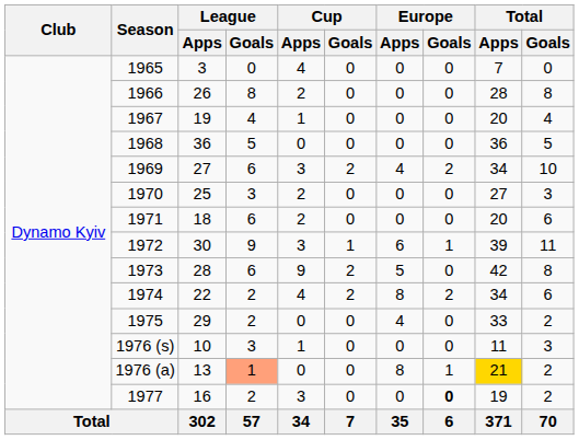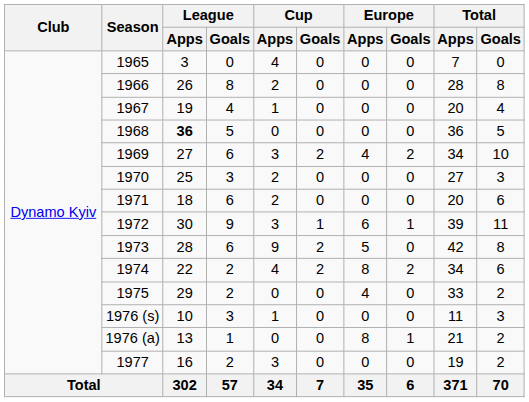 <table class="wikitable" style="text-align:center">
 <tr>
 <th rowspan="2" width="100">Club</th>
 <th rowspan="2">Season</th>
 <th colspan="2">League</th>
 <th colspan="2">Cup</th>
 <th colspan="2">Europe</th>
 <th colspan="2">Total</th>
 </tr>
 <tr>
 <th width="40">Apps</th>
 <th width="40">Goals</th>
 <th width="40">Apps</th>
 <th width="40">Goals</th>
 <th width="40">Apps</th>
 <th width="40">Goals</th>
 <th width="40">Apps</th>
 <th width="40">Goals</th>
 </tr>
 <tr>
 <td rowspan="14"><a href='#'>Dynamo Kyiv</a></td>
 <td>1965</td>
 <td>3</td>
 <td>0</td>
 <td>4</td>
 <td>0</td>
 <td>0</td>
 <td>0</td>
 <td>7</td>
 <td>0</td>
 </tr>
 <tr>
 <td>1966</td>
 <td>26</td>
 <td>8</td>
 <td>2</td>
 <td>0</td>
 <td>0</td>
 <td>0</td>
 <td>28</td>
 <td>8</td>
 </tr>
 <tr>
 <td>1967</td>
 <td>19</td>
 <td>4</td>
 <td>1</td>
 <td>0</td>
 <td>0</td>
 <td>0</td>
 <td>20</td>
 <td>4</td>
 </tr>
 <tr>
 <td>1968</td>
-<td>36</td>
+<td><strong>36</strong></td>
 <td>5</td>
 <td>0</td>
 <td>0</td>
 <td>0</td>
 <td>0</td>
 <td>36</td>
 <td>5</td>
 </tr>
 <tr>
 <td>1969</td>
 <td>27</td>
 <td>6</td>
 <td>3</td>
 <td>2</td>
 <td>4</td>
 <td>2</td>
 <td>34</td>
 <td>10</td>
 </tr>
 <tr>
 <td>1970</td>
 <td>25</td>
 <td>3</td>
 <td>2</td>
 <td>0</td>
 <td>0</td>
 <td>0</td>
 <td>27</td>
 <td>3</td>
 </tr>
 <tr>
 <td>1971</td>
 <td>18</td>
 <td>6</td>
 <td>2</td>
 <td>0</td>
 <td>0</td>
 <td>0</td>
 <td>20</td>
 <td>6</td>
 </tr>
 <tr>
 <td>1972</td>
 <td>30</td>
 <td>9</td>
 <td>3</td>
 <td>1</td>
 <td>6</td>
 <td>1</td>
 <td>39</td>
 <td>11</td>
 </tr>
 <tr>
 <td>1973</td>
 <td>28</td>
 <td>6</td>
 <td>9</td>
 <td>2</td>
 <td>5</td>
 <td>0</td>
 <td>42</td>
 <td>8</td>
 </tr>
 <tr>
 <td>1974</td>
 <td>22</td>
 <td>2</td>
 <td>4</td>
 <td>2</td>
 <td>8</td>
 <td>2</td>
 <td>34</td>
 <td>6</td>
 </tr>
 <tr>
 <td>1975</td>
 <td>29</td>
 <td>2</td>
 <td>0</td>
 <td>0</td>
 <td>4</td>
 <td>0</td>
 <td>33</td>
 <td>2</td>
 </tr>
 <tr>
 <td>1976 (s)</td>
 <td>10</td>
 <td>3</td>
 <td>1</td>
 <td>0</td>
 <td>0</td>
 <td>0</td>
 <td>11</td>
 <td>3</td>
 </tr>
 <tr>
 <td>1976 (a)</td>
 <td>13</td>
-<td style="background: lightsalmon;">1</td>
+<td>1</td>
 <td>0</td>
 <td>0</td>
 <td>8</td>
 <td>1</td>
-<td style="background: gold;">21</td>
+<td>21</td>
 <td>2</td>
 </tr>
 <tr>
 <td>1977</td>
 <td>16</td>
 <td>2</td>
 <td>3</td>
 <td>0</td>
 <td>0</td>
-<td><strong>0</strong></td>
+<td>0</td>
 <td>19</td>
 <td>2</td>
 </tr>
 <tr>
 <th colspan="2">Total</th>
 <th>302</th>
 <th>57</th>
 <th>34</th>
 <th>7</th>
 <th>35</th>
 <th>6</th>
 <th>371</th>
 <th>70</th>
 </tr>
 </table>
